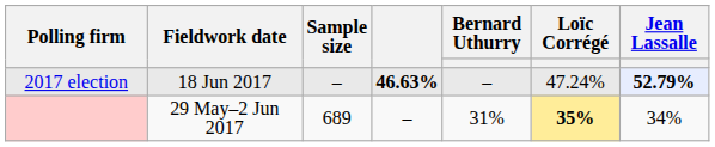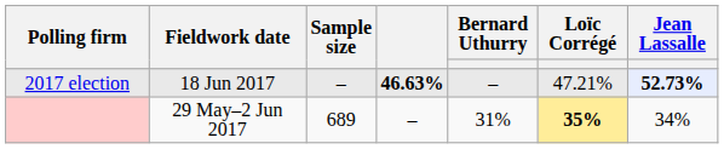 <table class="wikitable sortable" style="text-align:center;font-size:90%;line-height:14px;">
 <tr style="height:40px;">
 <th style="width:100px;" rowspan="2">Polling firm</th>
 <th style="width:110px;" rowspan="2">Fieldwork date</th>
 <th style="width:35px;" rowspan="2">Sample<br>size</th>
 <th style="width:30px;" rowspan="2"></th>
 <th class="unsortable" style="width:60px;">Bernard Uthurry<br></th>
 <th class="unsortable" style="width:60px;">Loïc Corrégé<br></th>
 <th class="unsortable" style="width:60px;"><a href='#'>Jean Lassalle</a><br></th>
 </tr>
 <tr>
 <th style="background:"></th>
 <th style="background:"></th>
 <th style="background:"></th>
 </tr>
 <tr style="background:#E9E9E9;">
 <td><a href='#'>2017 election</a></td>
 <td data-sort-value="2017-06-18">18 Jun 2017</td>
 <td>–</td>
 <td><strong>46.63%</strong></td>
 <td>–</td>
-<td>47.24%</td>
-<td style="background:#E7EDFE;"><strong>52.79%</strong></td>
+<td>47.21%</td>
+<td style="background:#E7EDFE;"><strong>52.73%</strong></td>
 </tr>
 <tr>
 <td style="background:#FFCCCC;"></td>
 <td data-sort-value="2017-06-02">29 May–2 Jun 2017</td>
 <td>689</td>
 <td>–</td>
 <td>31%</td>
 <td style="background:#FFED99;"><strong>35%</strong></td>
 <td>34%</td>
 </tr>
 </table>
